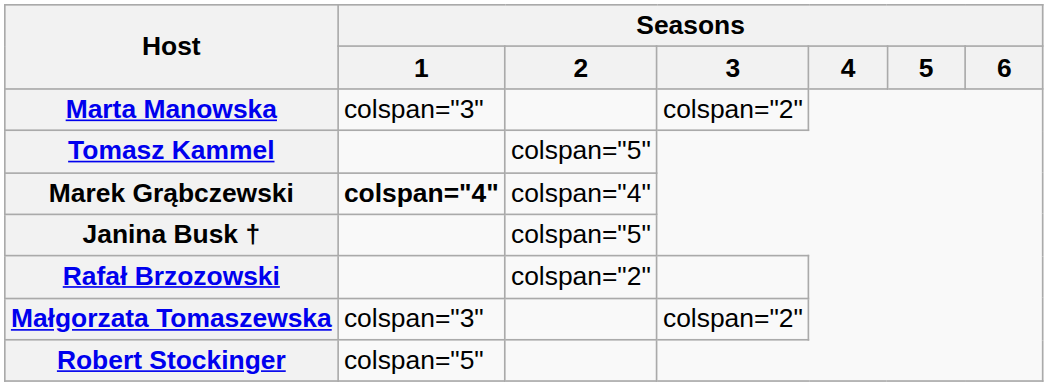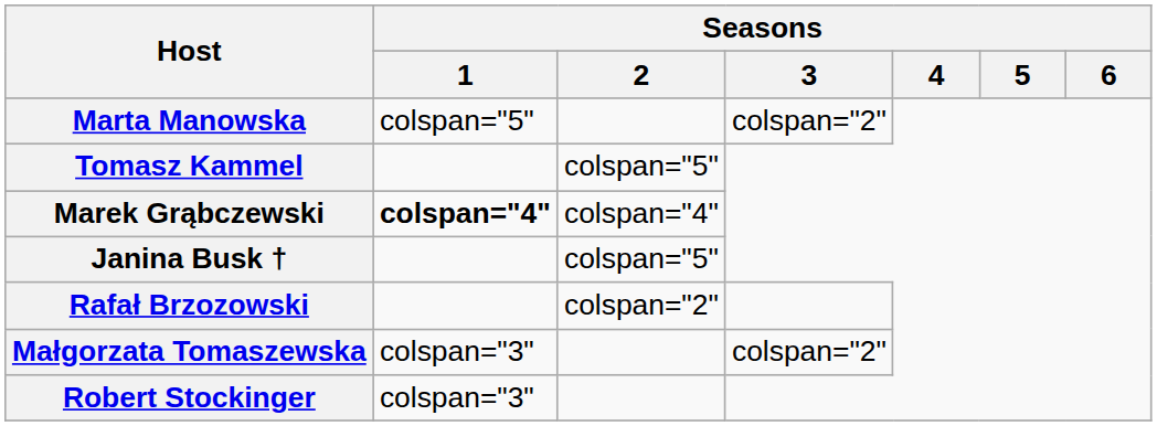 <table class="wikitable">
 <tr>
 <th rowspan="2">Host</th>
 <th colspan="10">Seasons</th>
 </tr>
 <tr>
 <th width="40">1</th>
 <th width="40">2</th>
 <th width="40">3</th>
 <th width="40">4</th>
 <th width="40">5</th>
 <th width="40">6</th>
 </tr>
 <tr>
 <th><a href='#'>Marta Manowska</a></th>
-<td>colspan="3" </td>
+<td>colspan="5" </td>
 <td></td>
 <td>colspan="2" </td>
 </tr>
 <tr>
 <th><a href='#'>Tomasz Kammel</a></th>
 <td></td>
 <td>colspan="5" </td>
 </tr>
 <tr>
 <th>Marek Grąbczewski</th>
 <td><strong>colspan="4" </strong></td>
 <td>colspan="4" </td>
 </tr>
 <tr>
 <th>Janina Busk †</th>
 <td></td>
 <td>colspan="5" </td>
 </tr>
 <tr>
 <th><a href='#'>Rafał Brzozowski</a></th>
 <td></td>
 <td>colspan="2" </td>
 <td></td>
 </tr>
 <tr>
 <th><a href='#'>Małgorzata Tomaszewska</a></th>
 <td>colspan="3" </td>
 <td></td>
 <td>colspan="2" </td>
 </tr>
 <tr>
 <th><a href='#'>Robert Stockinger</a></th>
-<td>colspan="5" </td>
+<td>colspan="3" </td>
 <td></td>
 </tr>
 </table>
